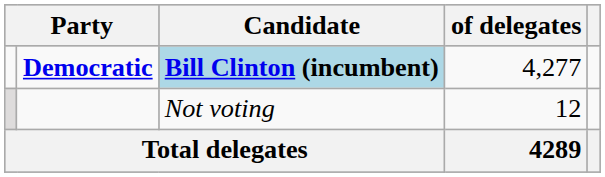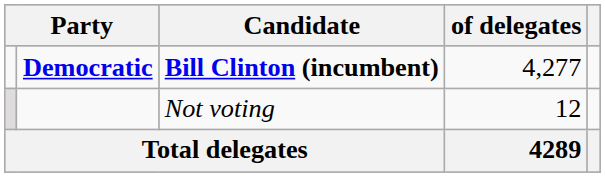 <table class="wikitable sortable">
 <tr>
 <th colspan="2" scope="col" class="unsortable">Party</th>
 <th scope="col">Candidate</th>
 <th scope="col"> of delegates</th>
 <th scope="col"></th>
 </tr>
 <tr>
 <td style="background-color:"></td>
 <td><strong><a href='#'>Democratic</a></strong></td>
-<td style="background: lightblue;"><strong><a href='#'>Bill Clinton</a></strong> <strong>(incumbent)</strong></td>
+<td><strong><a href='#'>Bill Clinton</a></strong> <strong>(incumbent)</strong></td>
 <td style="text-align:right">4,277</td>
 <td></td>
 </tr>
 <tr>
 <td style="background-color:#dedcdc"></td>
 <td></td>
 <td><em>Not voting</em></td>
 <td style="text-align:right">12</td>
 <td></td>
 </tr>
 <tr>
 <th colspan="3">Total delegates</th>
 <th style="text-align:right">4289</th>
 <th></th>
 </tr>
 </table>
